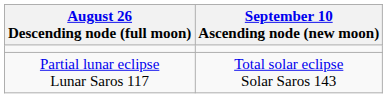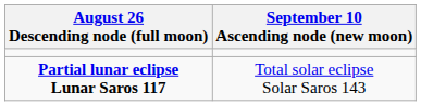 <table class="wikitable">
 <tr>
 <th><a href='#'>August 26</a><br>Descending node (full moon)</th>
 <th><a href='#'>September 10</a><br>Ascending node (new moon)</th>
 </tr>
 <tr>
 <td></td>
 <td></td>
 </tr>
 <tr align=center>
-<td><a href='#'>Partial lunar eclipse</a><br>Lunar Saros 117</td>
+<td><strong><a href='#'>Partial lunar eclipse</a><br>Lunar Saros 117</strong></td>
 <td><a href='#'>Total solar eclipse</a><br>Solar Saros 143</td>
 </tr>
 </table>
